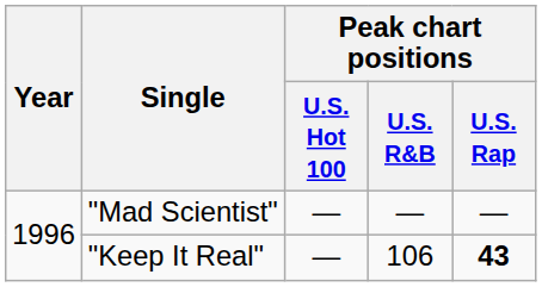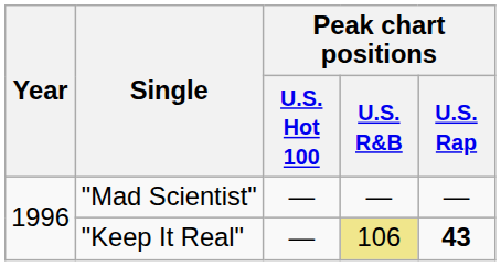 <table class="wikitable">
 <tr>
 <th rowspan="2">Year</th>
 <th rowspan="2">Single</th>
 <th colspan="7">Peak chart positions</th>
 </tr>
 <tr>
 <th width="40"><small><a href='#'>U.S. Hot 100</a></small></th>
 <th width="40"><small><a href='#'>U.S. R&B</a></small></th>
 <th width="40"><small><a href='#'>U.S. Rap</a></small></th>
 </tr>
 <tr>
 <td align="center" rowspan="3">1996</td>
 <td align="left">"Mad Scientist"</td>
 <td style="text-align:center;">—</td>
 <td style="text-align:center;">—</td>
 <td style="text-align:center;">—</td>
 </tr>
 <tr>
 <td align="left">"Keep It Real"</td>
 <td style="text-align:center;">—</td>
-<td style="text-align:center;">106</td>
+<td style="background: khaki; text-align:center;">106</td>
 <td style="text-align:center;"><strong>43</strong></td>
 </tr>
 </table>
